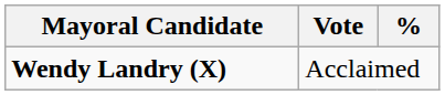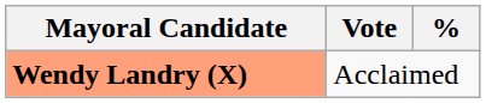 <table class="wikitable">
 <tr>
 <th bgcolor="#DDDDFF" width="170px">Mayoral Candidate</th>
 <th bgcolor="#DDDDFF" width="40px">Vote</th>
 <th bgcolor="#DDDDFF" width="30px">%</th>
 </tr>
 <tr>
-<td><strong>Wendy Landry (X)</strong></td>
+<td style="background: lightsalmon;"><strong>Wendy Landry (X)</strong></td>
 <td colspan="2">Acclaimed</td>
 </tr>
 </table>
